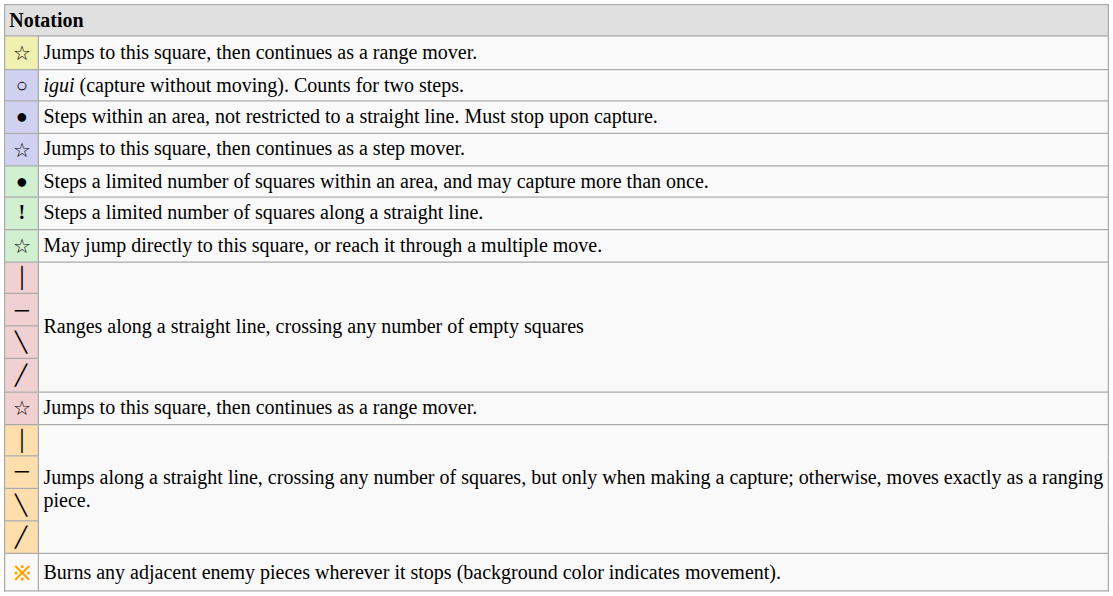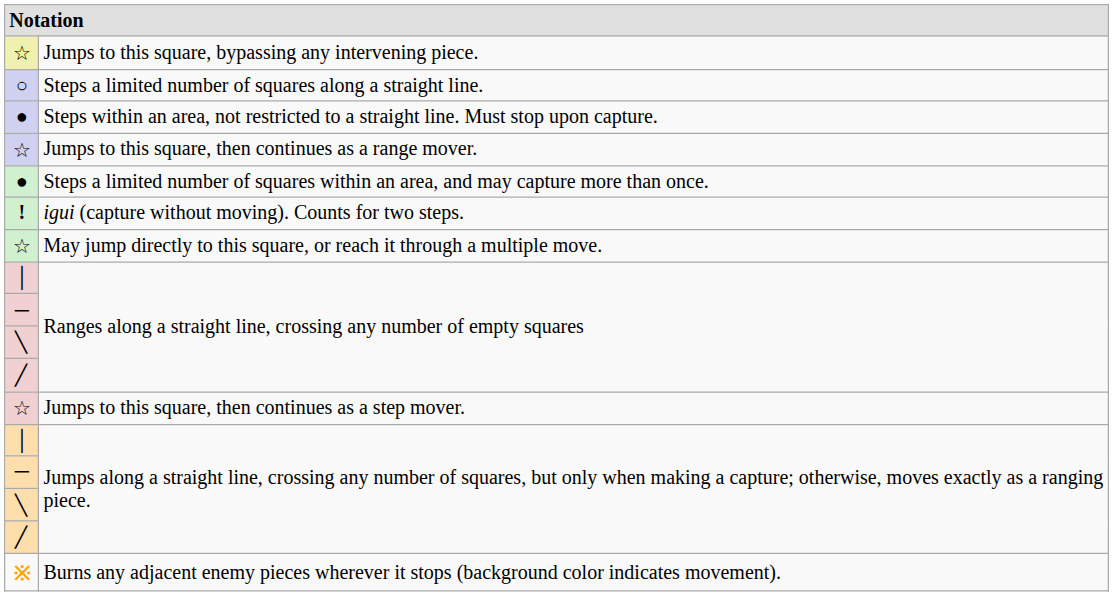 <table border="1" class="wikitable" style="margin:1em auto;">
 <tr>
 <td colspan="2" style="background:#e0e0e0;"><strong>Notation</strong></td>
 </tr>
 <tr>
 <td align=center width="20" style="background:#f0f0b0;">☆</td>
-<td>Jumps to this square, then continues as a range mover.</td>
+<td>Jumps to this square, bypassing any intervening piece.</td>
 </tr>
 <tr>
 <td align=center width="20" style="background:#d0d0f0;">○</td>
-<td><em>igui</em> (capture without moving). Counts for two steps.</td>
+<td>Steps a limited number of squares along a straight line.</td>
 </tr>
 <tr>
 <td align=center width="20" style="background:#d0d0f0;">●</td>
 <td>Steps within an area, not restricted to a straight line. Must stop upon capture.</td>
 </tr>
 <tr>
 <td align=center width="20" style="background:#d0d0f0;">☆</td>
-<td>Jumps to this square, then continues as a step mover.</td>
+<td>Jumps to this square, then continues as a range mover.</td>
 </tr>
 <tr>
 <td align=center width="20" style="background:#d0f0d0;">●</td>
 <td>Steps a limited number of squares within an area, and may capture more than once.</td>
 </tr>
 <tr>
 <td align=center width="20" style="background:#d0f0d0;"><strong>!</strong></td>
-<td>Steps a limited number of squares along a straight line.</td>
+<td><em>igui</em> (capture without moving). Counts for two steps.</td>
 </tr>
 <tr>
 <td align=center width="20" style="background:#d0f0d0;">☆</td>
 <td>May jump directly to this square, or reach it through a multiple move.</td>
 </tr>
 <tr>
 <td align=center width="20" style="background:#f0d0d0;">│</td>
 <td rowspan=4>Ranges along a straight line, crossing any number of empty squares</td>
 </tr>
 <tr>
 <td align=center width="20" style="background:#f0d0d0;">─</td>
 </tr>
 <tr>
 <td align=center width="20" style="background:#f0d0d0;">╲</td>
 </tr>
 <tr>
 <td align=center width="20" style="background:#f0d0d0;">╱</td>
 </tr>
 <tr>
 <td align=center width="20" style="background:#f0d0d0;">☆</td>
-<td>Jumps to this square, then continues as a range mover.</td>
+<td>Jumps to this square, then continues as a step mover.</td>
 </tr>
 <tr>
 <td align=center width="20" style="background:#ffdead;">│</td>
 <td rowspan=4>Jumps along a straight line, crossing any number of squares, but only when making a capture; otherwise, moves exactly as a ranging piece.</td>
 </tr>
 <tr>
 <td align=center width="20" style="background:#ffdead;">─</td>
 </tr>
 <tr>
 <td align=center width="20" style="background:#ffdead;">╲</td>
 </tr>
 <tr>
 <td align=center width="20" style="background:#ffdead;">╱</td>
 </tr>
 <tr>
 <td align=center width="20" style="color:orange"><strong>※</strong></td>
 <td>Burns any adjacent enemy pieces wherever it stops (background color indicates movement).</td>
 </tr>
 </table>
